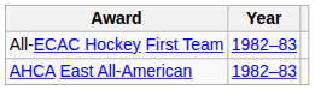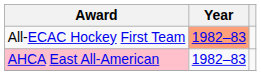 <table class="wikitable">
 <tr>
 <th>Award</th>
 <th>Year</th>
 <th></th>
 </tr>
 <tr>
 <td>All-<a href='#'>ECAC Hockey</a> <a href='#'>First Team</a></td>
-<td><a href='#'>1982–83</a></td>
+<td style="background: lightsalmon;"><a href='#'>1982–83</a></td>
 <td></td>
 </tr>
 <tr>
-<td><a href='#'>AHCA</a> <a href='#'>East All-American</a></td>
+<td style="background: pink;"><a href='#'>AHCA</a> <a href='#'>East All-American</a></td>
 <td><a href='#'>1982–83</a></td>
 <td></td>
 </tr>
 <tr>
 </tr>
 </table>
